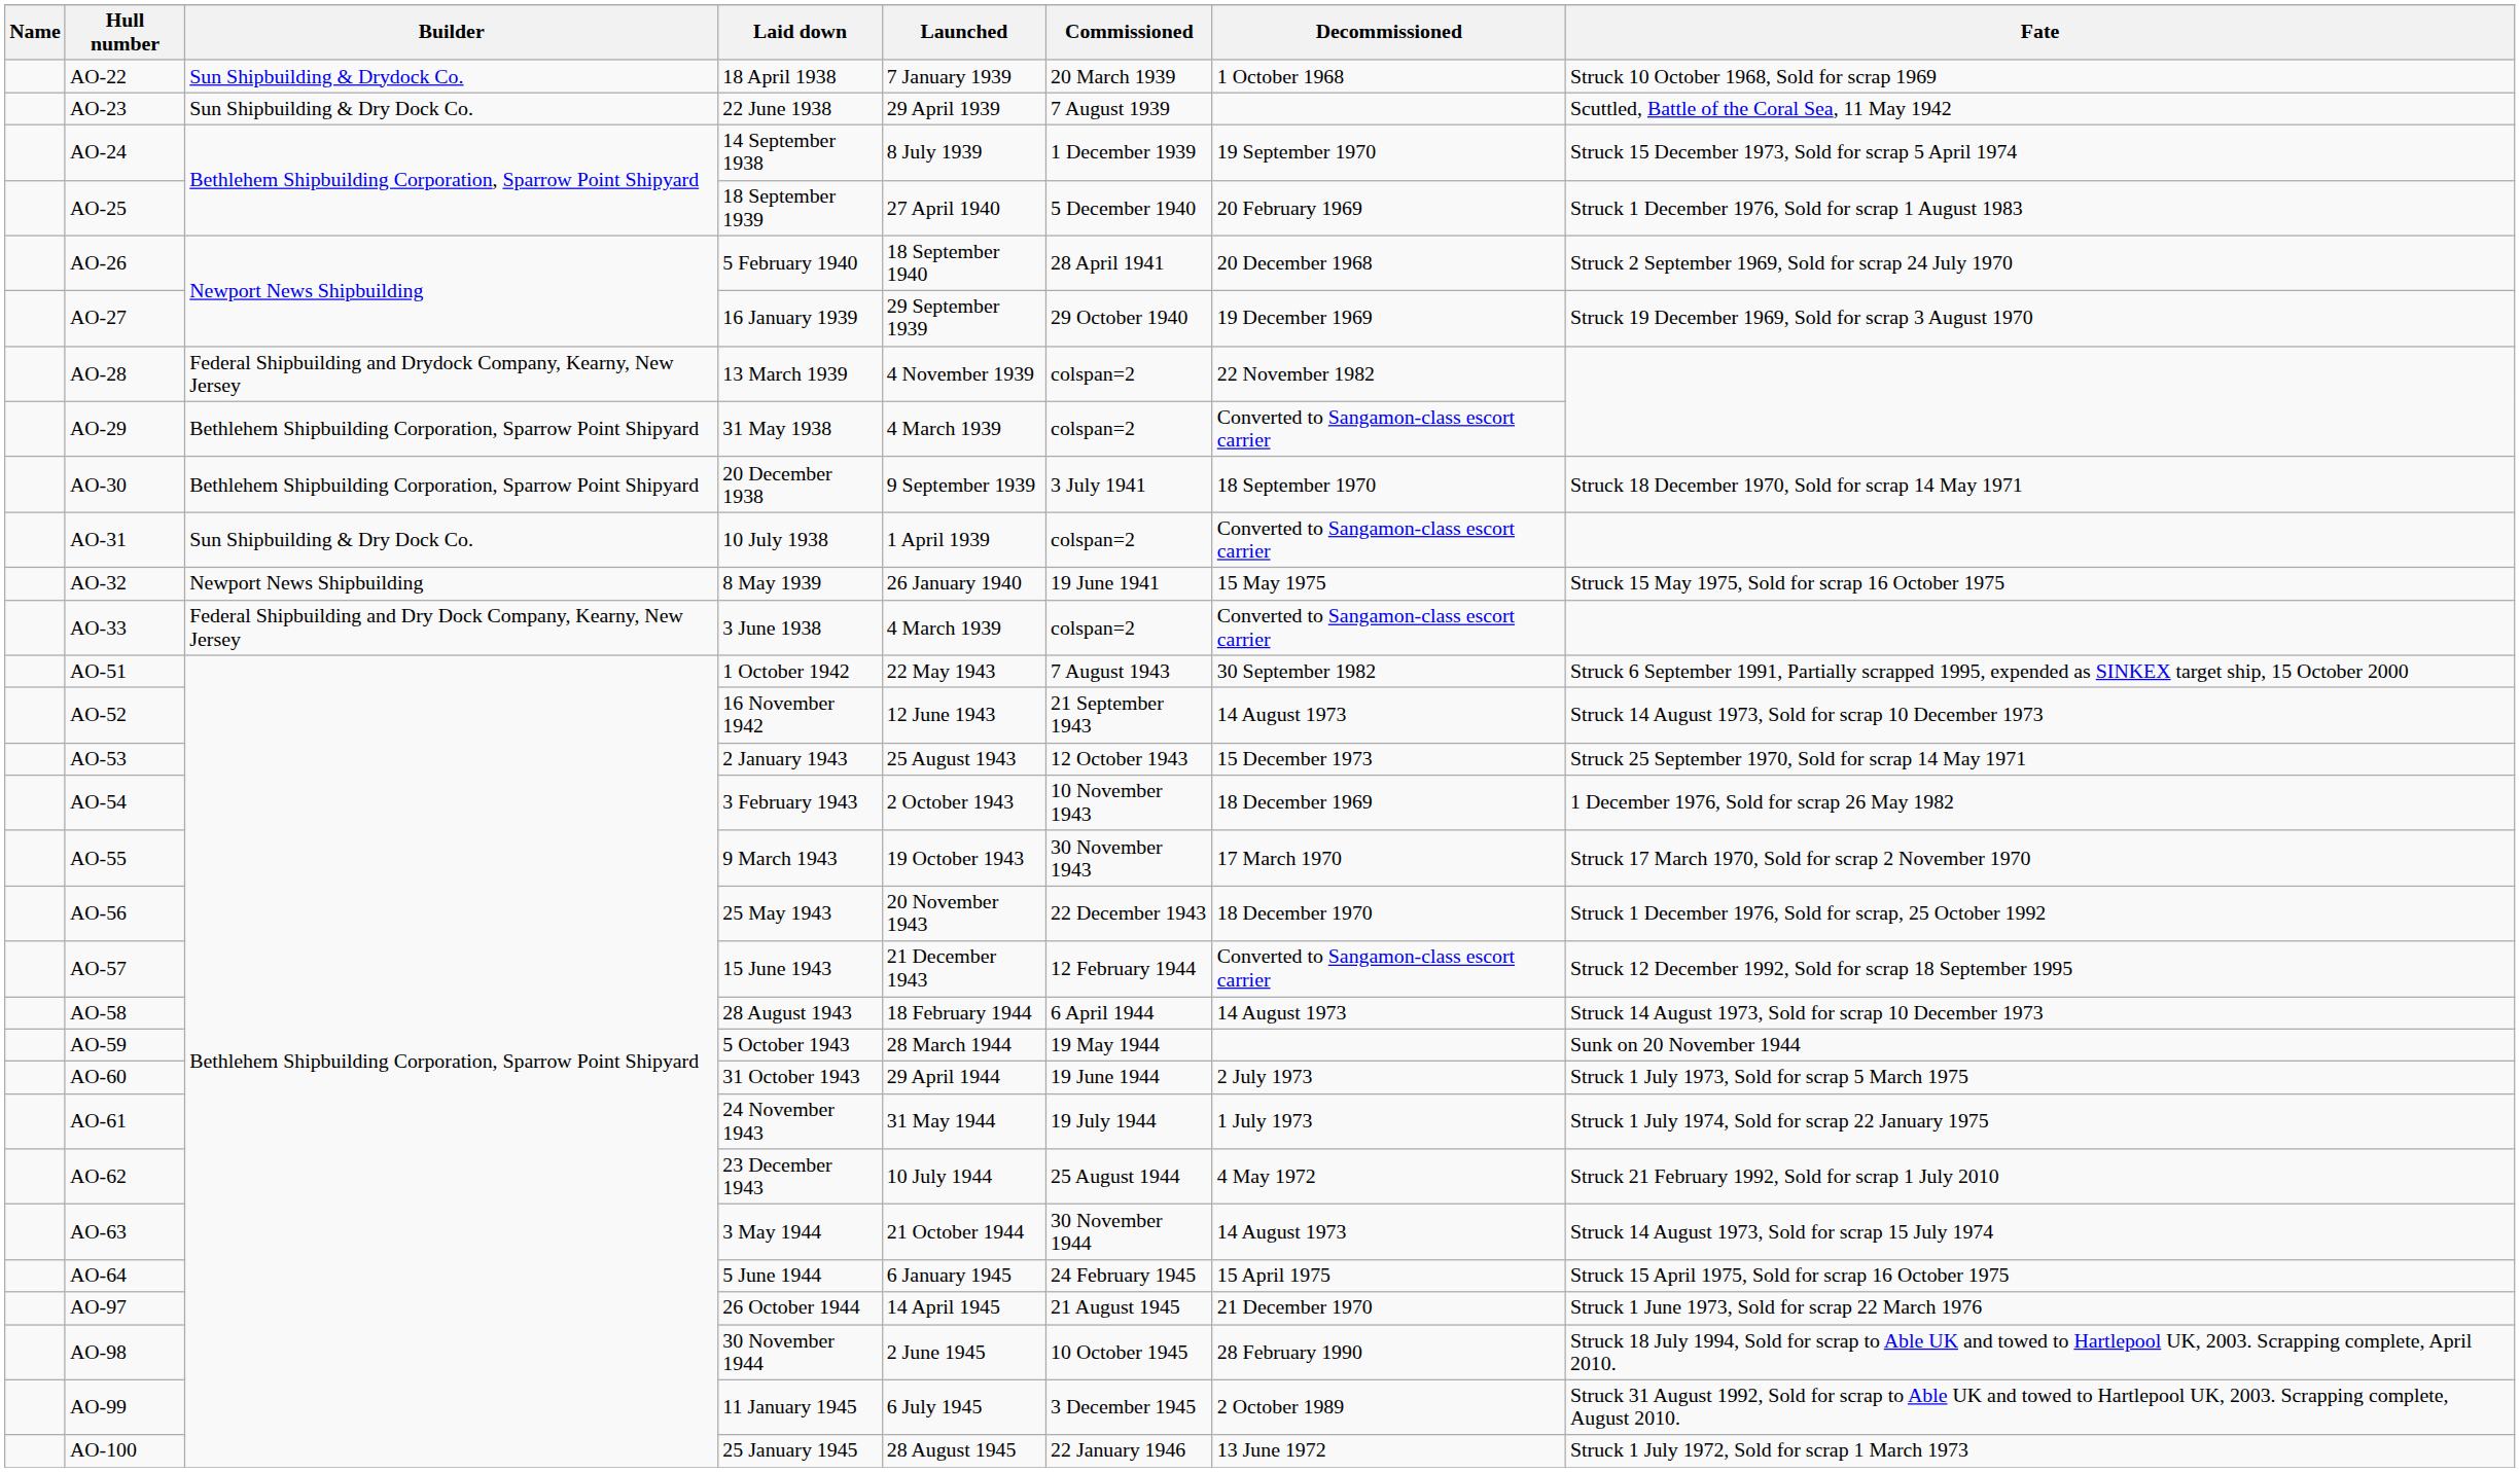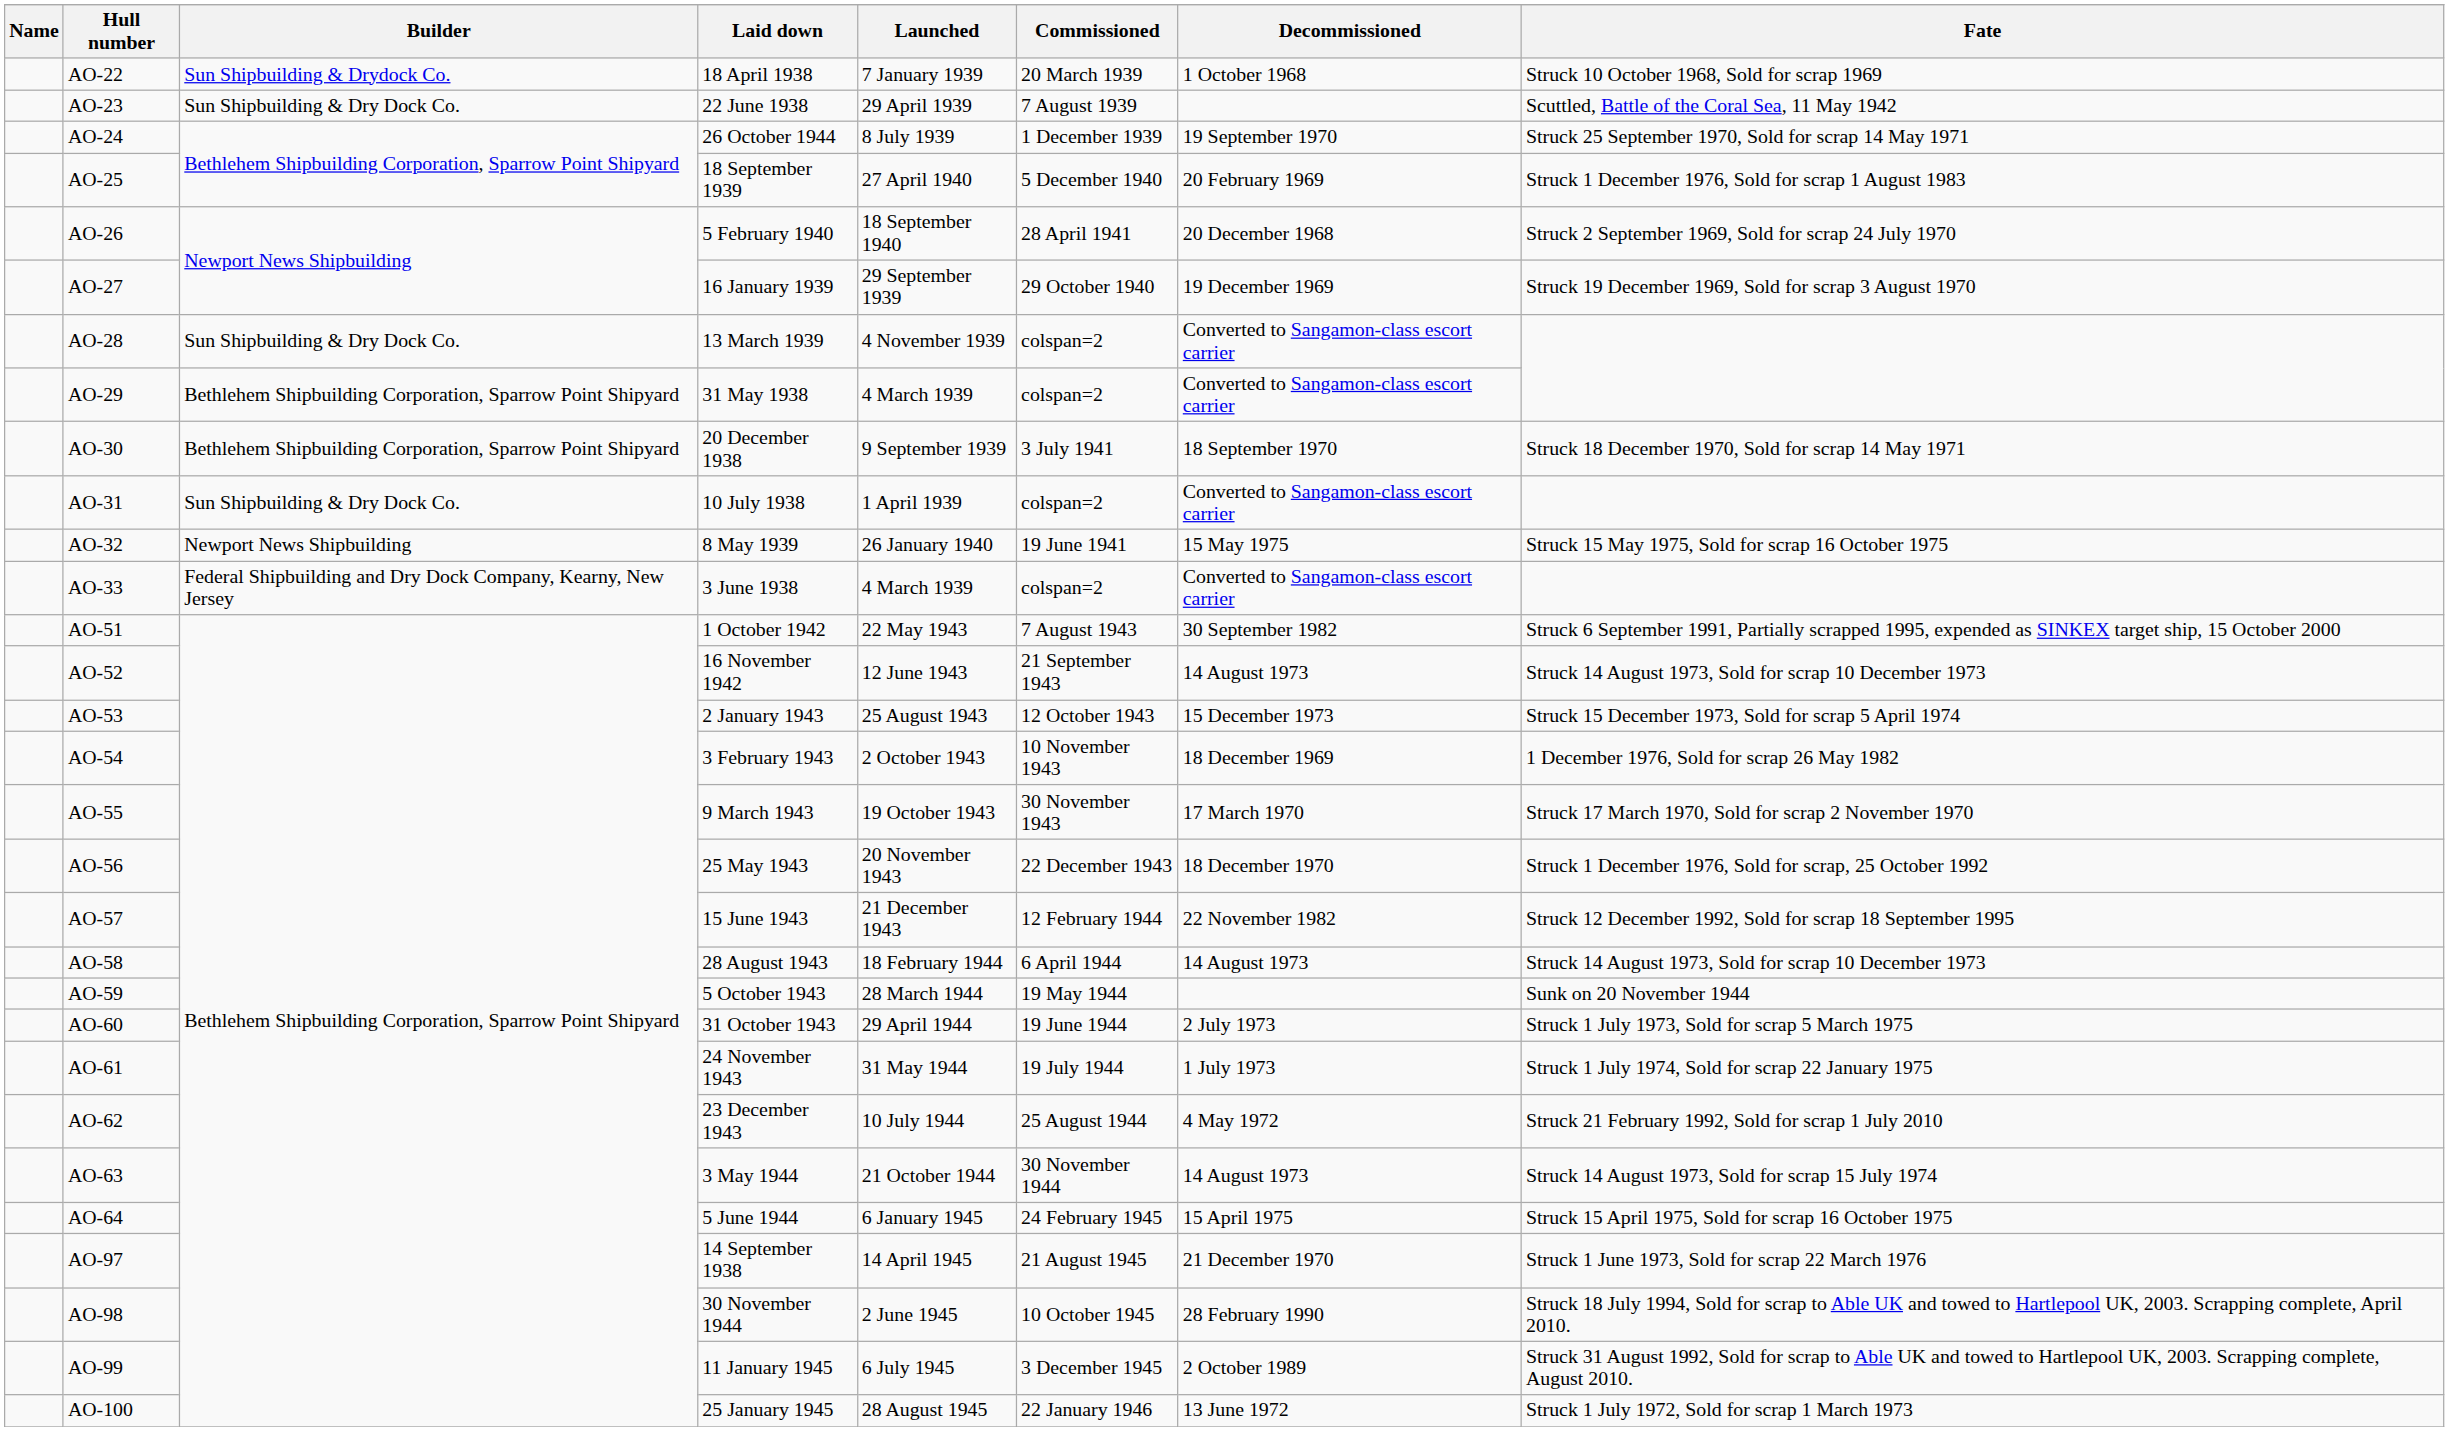 <table class="sortable wikitable">
 <tr>
 </tr>
 <tr>
 <th>Name</th>
 <th>Hull number</th>
 <th>Builder</th>
 <th>Laid down</th>
 <th>Launched</th>
 <th>Commissioned</th>
 <th>Decommissioned</th>
 <th>Fate</th>
 </tr>
 <tr>
 <td></td>
 <td>AO-22</td>
 <td><a href='#'>Sun Shipbuilding & Drydock Co.</a></td>
 <td>18 April 1938</td>
 <td>7 January 1939</td>
 <td>20 March 1939</td>
 <td>1 October 1968</td>
 <td>Struck 10 October 1968, Sold for scrap 1969</td>
 </tr>
 <tr>
 <td></td>
 <td>AO-23</td>
 <td>Sun Shipbuilding & Dry Dock Co.</td>
 <td>22 June 1938</td>
 <td>29 April 1939</td>
 <td>7 August 1939</td>
 <td></td>
 <td>Scuttled, <a href='#'>Battle of the Coral Sea</a>, 11 May 1942</td>
 </tr>
 <tr>
 <td></td>
 <td>AO-24</td>
 <td rowspan=2><a href='#'>Bethlehem Shipbuilding Corporation</a>, <a href='#'>Sparrow Point Shipyard</a></td>
-<td>14 September 1938</td>
+<td>26 October 1944</td>
 <td>8 July 1939</td>
 <td>1 December 1939</td>
 <td>19 September 1970</td>
-<td>Struck 15 December 1973, Sold for scrap 5 April 1974</td>
+<td>Struck 25 September 1970, Sold for scrap 14 May 1971</td>
 </tr>
 <tr>
 <td></td>
 <td>AO-25</td>
 <td>18 September 1939</td>
 <td>27 April 1940</td>
 <td>5 December 1940</td>
 <td>20 February 1969</td>
 <td>Struck 1 December 1976, Sold for scrap 1 August 1983</td>
 </tr>
 <tr>
 <td></td>
 <td>AO-26</td>
 <td rowspan=2><a href='#'>Newport News Shipbuilding</a></td>
 <td>5 February 1940</td>
 <td>18 September 1940</td>
 <td>28 April 1941</td>
 <td>20 December 1968</td>
 <td>Struck 2 September 1969, Sold for scrap 24 July 1970</td>
 </tr>
 <tr>
 <td></td>
 <td>AO-27</td>
 <td>16 January 1939</td>
 <td>29 September 1939</td>
 <td>29 October 1940</td>
 <td>19 December 1969</td>
 <td>Struck 19 December 1969, Sold for scrap 3 August 1970</td>
 </tr>
 <tr>
 <td></td>
 <td>AO-28</td>
-<td>Federal Shipbuilding and Drydock Company, Kearny, New Jersey</td>
+<td>Sun Shipbuilding & Dry Dock Co.</td>
 <td>13 March 1939</td>
 <td>4 November 1939</td>
 <td>colspan=2 </td>
-<td>22 November 1982</td>
+<td>Converted to <a href='#'>Sangamon-class escort carrier</a></td>
 </tr>
 <tr>
 <td></td>
 <td>AO-29</td>
 <td>Bethlehem Shipbuilding Corporation, Sparrow Point Shipyard</td>
 <td>31 May 1938</td>
 <td>4 March 1939</td>
 <td>colspan=2 </td>
 <td>Converted to <a href='#'>Sangamon-class escort carrier</a></td>
 </tr>
 <tr>
 <td></td>
 <td>AO-30</td>
 <td>Bethlehem Shipbuilding Corporation, Sparrow Point Shipyard</td>
 <td>20 December 1938</td>
 <td>9 September 1939</td>
 <td>3 July 1941</td>
 <td>18 September 1970</td>
 <td>Struck 18 December 1970, Sold for scrap 14 May 1971</td>
 </tr>
 <tr>
 <td></td>
 <td>AO-31</td>
 <td>Sun Shipbuilding & Dry Dock Co.</td>
 <td>10 July 1938</td>
 <td>1 April 1939</td>
 <td>colspan=2 </td>
 <td>Converted to <a href='#'>Sangamon-class escort carrier</a></td>
 </tr>
 <tr>
 <td></td>
 <td>AO-32</td>
 <td>Newport News Shipbuilding</td>
 <td>8 May 1939</td>
 <td>26 January 1940</td>
 <td>19 June 1941</td>
 <td>15 May 1975</td>
 <td>Struck 15 May 1975, Sold for scrap 16 October 1975</td>
 </tr>
 <tr>
 <td></td>
 <td>AO-33</td>
 <td>Federal Shipbuilding and Dry Dock Company, Kearny, New Jersey</td>
 <td>3 June 1938</td>
 <td>4 March 1939</td>
 <td>colspan=2 </td>
 <td>Converted to <a href='#'>Sangamon-class escort carrier</a></td>
 </tr>
 <tr>
 <td></td>
 <td>AO-51</td>
 <td rowspan=18>Bethlehem Shipbuilding Corporation, Sparrow Point Shipyard</td>
 <td>1 October 1942</td>
 <td>22 May 1943</td>
 <td>7 August 1943</td>
 <td>30 September 1982</td>
 <td>Struck 6 September 1991, Partially scrapped 1995, expended as <a href='#'>SINKEX</a> target ship, 15 October 2000</td>
 </tr>
 <tr>
 <td></td>
 <td>AO-52</td>
 <td>16 November 1942</td>
 <td>12 June 1943</td>
 <td>21 September 1943</td>
 <td>14 August 1973</td>
 <td>Struck 14 August 1973, Sold for scrap 10 December 1973</td>
 </tr>
 <tr>
 <td></td>
 <td>AO-53</td>
 <td>2 January 1943</td>
 <td>25 August 1943</td>
 <td>12 October 1943</td>
 <td>15 December 1973</td>
-<td>Struck 25 September 1970, Sold for scrap 14 May 1971</td>
+<td>Struck 15 December 1973, Sold for scrap 5 April 1974</td>
 </tr>
 <tr>
 <td></td>
 <td>AO-54</td>
 <td>3 February 1943</td>
 <td>2 October 1943</td>
 <td>10 November 1943</td>
 <td>18 December 1969</td>
 <td>1 December 1976, Sold for scrap 26 May 1982</td>
 </tr>
 <tr>
 <td></td>
 <td>AO-55</td>
 <td>9 March 1943</td>
 <td>19 October 1943</td>
 <td>30 November 1943</td>
 <td>17 March 1970</td>
 <td>Struck 17 March 1970, Sold for scrap 2 November 1970</td>
 </tr>
 <tr>
 <td></td>
 <td>AO-56</td>
 <td>25 May 1943</td>
 <td>20 November 1943</td>
 <td>22 December 1943</td>
 <td>18 December 1970</td>
 <td>Struck 1 December 1976, Sold for scrap, 25 October 1992</td>
 </tr>
 <tr>
 <td></td>
 <td>AO-57</td>
 <td>15 June 1943</td>
 <td>21 December 1943</td>
 <td>12 February 1944</td>
-<td>Converted to <a href='#'>Sangamon-class escort carrier</a></td>
+<td>22 November 1982</td>
 <td>Struck 12 December 1992, Sold for scrap 18 September 1995</td>
 </tr>
 <tr>
 <td></td>
 <td>AO-58</td>
 <td>28 August 1943</td>
 <td>18 February 1944</td>
 <td>6 April 1944</td>
 <td>14 August 1973</td>
 <td>Struck 14 August 1973, Sold for scrap 10 December 1973</td>
 </tr>
 <tr>
 <td></td>
 <td>AO-59</td>
 <td>5 October 1943</td>
 <td>28 March 1944</td>
 <td>19 May 1944</td>
 <td></td>
 <td>Sunk on 20 November 1944</td>
 </tr>
 <tr>
 <td></td>
 <td>AO-60</td>
 <td>31 October 1943</td>
 <td>29 April 1944</td>
 <td>19 June 1944</td>
 <td>2 July 1973</td>
 <td>Struck 1 July 1973, Sold for scrap 5 March 1975</td>
 </tr>
 <tr>
 <td></td>
 <td>AO-61</td>
 <td>24 November 1943</td>
 <td>31 May 1944</td>
 <td>19 July 1944</td>
 <td>1 July 1973</td>
 <td>Struck 1 July 1974, Sold for scrap 22 January 1975</td>
 </tr>
 <tr>
 <td></td>
 <td>AO-62</td>
 <td>23 December 1943</td>
 <td>10 July 1944</td>
 <td>25 August 1944</td>
 <td>4 May 1972</td>
 <td>Struck 21 February 1992, Sold for scrap 1 July 2010</td>
 </tr>
 <tr>
 <td></td>
 <td>AO-63</td>
 <td>3 May 1944</td>
 <td>21 October 1944</td>
 <td>30 November 1944</td>
 <td>14 August 1973</td>
 <td>Struck 14 August 1973, Sold for scrap 15 July 1974</td>
 </tr>
 <tr>
 <td></td>
 <td>AO-64</td>
 <td>5 June 1944</td>
 <td>6 January 1945</td>
 <td>24 February 1945</td>
 <td>15 April 1975</td>
 <td>Struck 15 April 1975, Sold for scrap 16 October 1975</td>
 </tr>
 <tr>
 <td></td>
 <td>AO-97</td>
-<td>26 October 1944</td>
+<td>14 September 1938</td>
 <td>14 April 1945</td>
 <td>21 August 1945</td>
 <td>21 December 1970</td>
 <td>Struck 1 June 1973, Sold for scrap 22 March 1976</td>
 </tr>
 <tr>
 <td></td>
 <td>AO-98</td>
 <td>30 November 1944</td>
 <td>2 June 1945</td>
 <td>10 October 1945</td>
 <td>28 February 1990</td>
 <td>Struck 18 July 1994, Sold for scrap to <a href='#'>Able UK</a> and towed to <a href='#'>Hartlepool</a> UK, 2003. Scrapping complete, April 2010.</td>
 </tr>
 <tr>
 <td></td>
 <td>AO-99</td>
 <td>11 January 1945</td>
 <td>6 July 1945</td>
 <td>3 December 1945</td>
 <td>2 October 1989</td>
 <td>Struck 31 August 1992, Sold for scrap to <a href='#'>Able</a> UK and towed to Hartlepool UK, 2003. Scrapping complete, August 2010.</td>
 </tr>
 <tr>
 <td></td>
 <td>AO-100</td>
 <td>25 January 1945</td>
 <td>28 August 1945</td>
 <td>22 January 1946</td>
 <td>13 June 1972</td>
 <td>Struck 1 July 1972, Sold for scrap 1 March 1973</td>
 </tr>
 </table>
